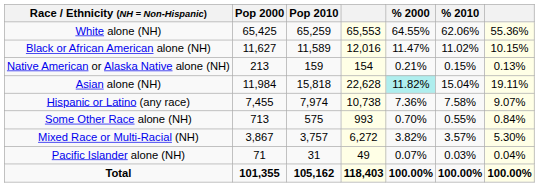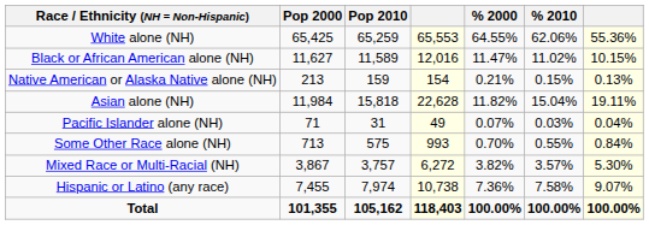 <table class="wikitable" style="text-align:center;">
 <tr>
 <th>Race / Ethnicity <small>(<em>NH = Non-Hispanic</em>)</small></th>
 <th>Pop 2000</th>
 <th>Pop 2010</th>
 <th></th>
 <th>% 2000</th>
 <th>% 2010</th>
 <th></th>
 </tr>
 <tr>
 <td><a href='#'>White</a> alone (NH)</td>
 <td>65,425</td>
 <td>65,259</td>
 <td style='background: #ffffe6;'>65,553</td>
 <td>64.55%</td>
 <td>62.06%</td>
 <td style='background: #ffffe6;'>55.36%</td>
 </tr>
 <tr>
 <td><a href='#'>Black or African American</a> alone (NH)</td>
 <td>11,627</td>
 <td>11,589</td>
 <td style='background: #ffffe6;'>12,016</td>
 <td>11.47%</td>
 <td>11.02%</td>
 <td style='background: #ffffe6;'>10.15%</td>
 </tr>
 <tr>
 <td><a href='#'>Native American</a> or <a href='#'>Alaska Native</a> alone (NH)</td>
 <td>213</td>
 <td>159</td>
 <td style='background: #ffffe6;'>154</td>
 <td>0.21%</td>
 <td>0.15%</td>
 <td style='background: #ffffe6;'>0.13%</td>
 </tr>
 <tr>
 <td><a href='#'>Asian</a> alone (NH)</td>
 <td>11,984</td>
 <td>15,818</td>
 <td style='background: #ffffe6;'>22,628</td>
-<td style="background: paleturquoise;">11.82%</td>
+<td>11.82%</td>
 <td>15.04%</td>
 <td style='background: #ffffe6;'>19.11%</td>
 </tr>
 <tr>
-<td><a href='#'>Hispanic or Latino</a> (any race)</td>
-<td>7,455</td>
-<td>7,974</td>
-<td style='background: #ffffe6;'>10,738</td>
-<td>7.36%</td>
-<td>7.58%</td>
-<td style='background: #ffffe6;'>9.07%</td>
+<td><a href='#'>Pacific Islander</a> alone (NH)</td>
+<td>71</td>
+<td>31</td>
+<td style='background: #ffffe6;'>49</td>
+<td>0.07%</td>
+<td>0.03%</td>
+<td style='background: #ffffe6;'>0.04%</td>
 </tr>
 <tr>
 <td><a href='#'>Some Other Race</a> alone (NH)</td>
 <td>713</td>
 <td>575</td>
 <td style='background: #ffffe6;'>993</td>
 <td>0.70%</td>
 <td>0.55%</td>
 <td style='background: #ffffe6;'>0.84%</td>
 </tr>
 <tr>
 <td><a href='#'>Mixed Race or Multi-Racial</a> (NH)</td>
 <td>3,867</td>
 <td>3,757</td>
 <td style='background: #ffffe6;'>6,272</td>
 <td>3.82%</td>
 <td>3.57%</td>
 <td style='background: #ffffe6;'>5.30%</td>
 </tr>
 <tr>
-<td><a href='#'>Pacific Islander</a> alone (NH)</td>
-<td>71</td>
-<td>31</td>
-<td style='background: #ffffe6;'>49</td>
-<td>0.07%</td>
-<td>0.03%</td>
-<td style='background: #ffffe6;'>0.04%</td>
+<td><a href='#'>Hispanic or Latino</a> (any race)</td>
+<td>7,455</td>
+<td>7,974</td>
+<td style='background: #ffffe6;'>10,738</td>
+<td>7.36%</td>
+<td>7.58%</td>
+<td style='background: #ffffe6;'>9.07%</td>
 </tr>
 <tr>
 <td><strong>Total</strong></td>
 <td><strong>101,355</strong></td>
 <td><strong>105,162</strong></td>
 <td style='background: #ffffe6;'><strong>118,403</strong></td>
 <td><strong>100.00%</strong></td>
 <td><strong>100.00%</strong></td>
 <td style='background: #ffffe6;'><strong>100.00%</strong></td>
 </tr>
 </table>
